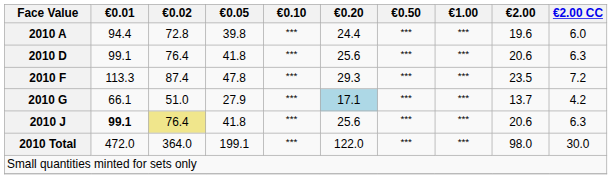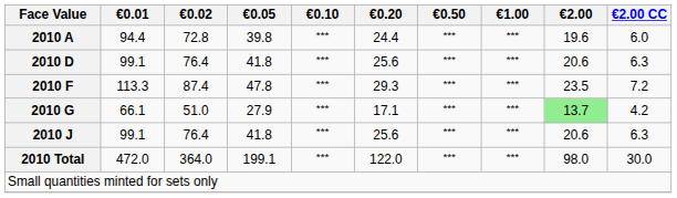 <table class="wikitable" style="text-align:center">
 <tr>
 <th align=left width=110px>Face Value</th>
 <th align=left width=70px>€0.01</th>
 <th align=left width=70px>€0.02</th>
 <th align=left width=70px>€0.05</th>
 <th align=left width=70px>€0.10</th>
 <th align=left width=70px>€0.20</th>
 <th align=left width=70px>€0.50</th>
 <th align=left width=70px>€1.00</th>
 <th align=left width=70px>€2.00</th>
 <th align=left width=70px><a href='#'>€2.00 CC</a></th>
 </tr>
 <tr>
 <th>2010 A</th>
 <td>94.4</td>
 <td>72.8</td>
 <td>39.8</td>
 <td><sup>***</sup></td>
 <td>24.4</td>
 <td><sup>***</sup></td>
 <td><sup>***</sup></td>
 <td>19.6</td>
 <td>6.0</td>
 </tr>
 <tr>
 <th>2010 D</th>
 <td>99.1</td>
 <td>76.4</td>
 <td>41.8</td>
 <td><sup>***</sup></td>
 <td>25.6</td>
 <td><sup>***</sup></td>
 <td><sup>***</sup></td>
 <td>20.6</td>
 <td>6.3</td>
 </tr>
 <tr>
 <th>2010 F</th>
 <td>113.3</td>
 <td>87.4</td>
 <td>47.8</td>
 <td><sup>***</sup></td>
 <td>29.3</td>
 <td><sup>***</sup></td>
 <td><sup>***</sup></td>
 <td>23.5</td>
 <td>7.2</td>
 </tr>
 <tr>
 <th>2010 G</th>
 <td>66.1</td>
 <td>51.0</td>
 <td>27.9</td>
 <td><sup>***</sup></td>
-<td style="background: lightblue;">17.1</td>
+<td>17.1</td>
 <td><sup>***</sup></td>
 <td><sup>***</sup></td>
-<td>13.7</td>
+<td style="background: lightgreen;">13.7</td>
 <td>4.2</td>
 </tr>
 <tr>
 <th>2010 J</th>
-<td><strong>99.1</strong></td>
-<td style="background: khaki;">76.4</td>
+<td>99.1</td>
+<td>76.4</td>
 <td>41.8</td>
 <td><sup>***</sup></td>
 <td>25.6</td>
 <td><sup>***</sup></td>
 <td><sup>***</sup></td>
 <td>20.6</td>
 <td>6.3</td>
 </tr>
 <tr>
 <th>2010 Total</th>
 <td>472.0</td>
 <td>364.0</td>
 <td>199.1</td>
 <td><sup>***</sup></td>
 <td>122.0</td>
 <td><sup>***</sup></td>
 <td><sup>***</sup></td>
 <td>98.0</td>
 <td>30.0</td>
 </tr>
 <tr>
 <td align=left colspan=10> Small quantities minted for sets only</td>
 </tr>
 <tr>
 </tr>
 </table>
